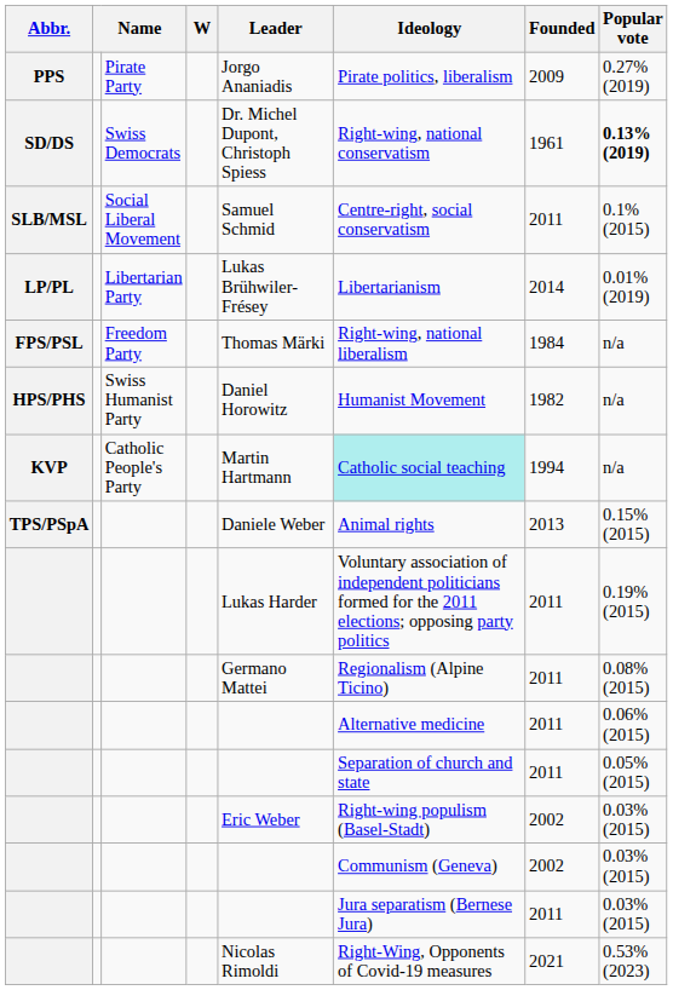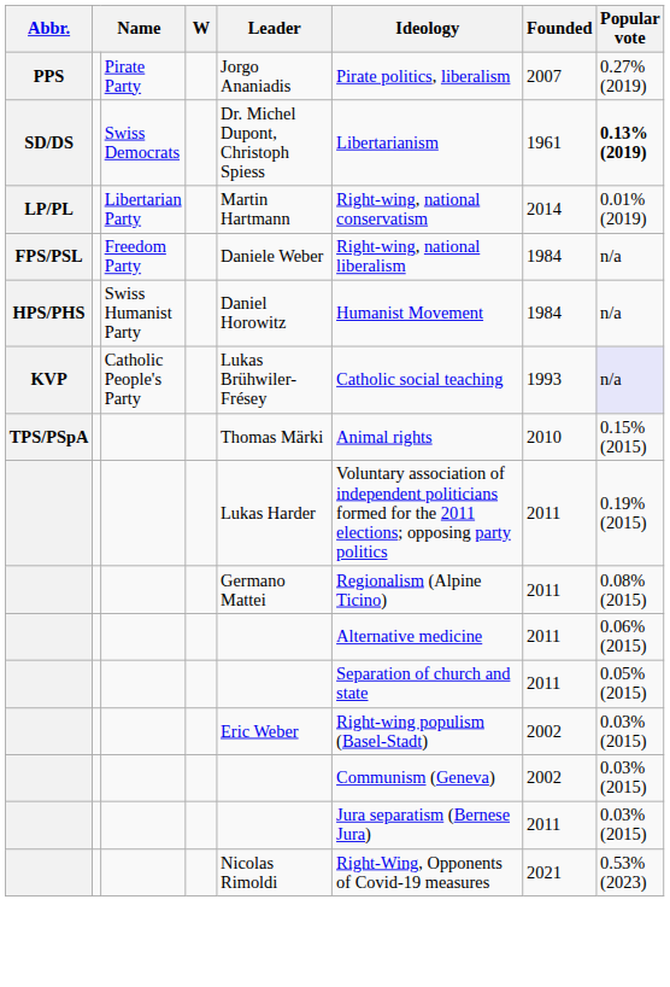 <table class="wikitable sortable">
 <tr>
 <th><a href='#'>Abbr.</a></th>
 <th colspan=2>Name</th>
 <th width=25px class="unsortable">W</th>
 <th width=120px>Leader</th>
 <th width=220px class="unsortable">Ideology</th>
 <th>Founded</th>
 <th>Popular vote</th>
 </tr>
 <tr ->
 <th>PPS</th>
 <td style="background-color: "></td>
 <td><a href='#'>Pirate Party</a></td>
 <td></td>
 <td>Jorgo Ananiadis</td>
 <td><a href='#'>Pirate politics</a>, <a href='#'>liberalism</a></td>
-<td>2009</td>
+<td>2007</td>
 <td>0.27% (2019)</td>
 </tr>
 <tr>
 <th>SD/DS</th>
 <td style="background-color: "></td>
 <td><a href='#'>Swiss Democrats</a></td>
 <td></td>
 <td>Dr. Michel Dupont, Christoph Spiess</td>
-<td><a href='#'>Right-wing</a>, <a href='#'>national conservatism</a></td>
+<td><a href='#'>Libertarianism</a></td>
 <td>1961</td>
 <td><strong>0.13% (2019)</strong></td>
-</tr>
-<tr>
-<th>SLB/MSL</th>
-<td style="background-color: "></td>
-<td><a href='#'>Social Liberal Movement</a></td>
-<td></td>
-<td>Samuel Schmid</td>
-<td><a href='#'>Centre-right</a>, <a href='#'>social conservatism</a></td>
-<td>2011</td>
-<td>0.1% (2015)</td>
 </tr>
 <tr>
 <th>LP/PL</th>
 <td style="background-color:"></td>
 <td><a href='#'>Libertarian Party</a></td>
 <td></td>
-<td>Lukas Brühwiler-Frésey</td>
-<td><a href='#'>Libertarianism</a></td>
+<td>Martin Hartmann</td>
+<td><a href='#'>Right-wing</a>, <a href='#'>national conservatism</a></td>
 <td>2014</td>
 <td>0.01% (2019)</td>
 </tr>
 <tr>
 <th>FPS/PSL</th>
 <td style="background-color: "></td>
 <td><a href='#'>Freedom Party</a></td>
 <td></td>
-<td>Thomas Märki</td>
+<td>Daniele Weber</td>
 <td><a href='#'>Right-wing</a>, <a href='#'>national liberalism</a></td>
 <td>1984</td>
 <td>n/a</td>
 </tr>
 <tr ->
 <th>HPS/PHS</th>
 <td></td>
 <td>Swiss Humanist Party</td>
 <td></td>
 <td>Daniel Horowitz</td>
 <td><a href='#'>Humanist Movement</a></td>
-<td>1982</td>
+<td>1984</td>
 <td>n/a</td>
 </tr>
 <tr ->
 <th>KVP</th>
 <td></td>
 <td>Catholic People's Party</td>
 <td></td>
-<td>Martin Hartmann</td>
-<td style="background: paleturquoise;"><a href='#'>Catholic social teaching</a></td>
-<td>1994</td>
-<td>n/a</td>
+<td>Lukas Brühwiler-Frésey</td>
+<td><a href='#'>Catholic social teaching</a></td>
+<td>1993</td>
+<td style="background: lavender;">n/a</td>
 </tr>
 <tr>
 <th>TPS/PSpA</th>
 <td></td>
 <td></td>
 <td></td>
-<td>Daniele Weber</td>
+<td>Thomas Märki</td>
 <td><a href='#'>Animal rights</a></td>
-<td>2013</td>
+<td>2010</td>
 <td>0.15% (2015)</td>
 </tr>
 <tr>
 <th></th>
 <td style="background-color: "></td>
 <td></td>
 <td></td>
 <td>Lukas Harder</td>
 <td>Voluntary association of <a href='#'>independent politicians</a> formed for the <a href='#'>2011 elections</a>; opposing <a href='#'>party politics</a></td>
 <td>2011</td>
 <td>0.19% (2015)</td>
 </tr>
 <tr>
 <th></th>
 <td></td>
 <td></td>
 <td></td>
 <td>Germano Mattei</td>
 <td><a href='#'>Regionalism</a> (Alpine <a href='#'>Ticino</a>)</td>
 <td>2011</td>
 <td>0.08% (2015)</td>
 </tr>
 <tr>
 <th></th>
 <td></td>
 <td></td>
 <td></td>
 <td></td>
 <td><a href='#'>Alternative medicine</a></td>
 <td>2011</td>
 <td>0.06% (2015)</td>
 </tr>
 <tr>
 <th></th>
 <td></td>
 <td></td>
 <td></td>
 <td></td>
 <td><a href='#'>Separation of church and state</a></td>
 <td>2011</td>
 <td>0.05% (2015)</td>
 </tr>
 <tr>
 <th></th>
 <td></td>
 <td><em></em></td>
 <td></td>
 <td><a href='#'>Eric Weber</a></td>
 <td><a href='#'>Right-wing populism</a> (<a href='#'>Basel-Stadt</a>)</td>
 <td>2002</td>
 <td>0.03% (2015)</td>
 </tr>
 <tr>
 <th></th>
 <td></td>
 <td><em></em></td>
 <td></td>
 <td></td>
 <td><a href='#'>Communism</a> (<a href='#'>Geneva</a>)</td>
 <td>2002</td>
 <td>0.03% (2015)</td>
 </tr>
 <tr>
 <th></th>
 <td></td>
 <td><em></em></td>
 <td></td>
 <td></td>
 <td><a href='#'>Jura separatism</a> (<a href='#'>Bernese Jura</a>)</td>
 <td>2011</td>
 <td>0.03% (2015)</td>
 </tr>
 <tr>
 <th></th>
 <td></td>
 <td><em></em></td>
 <td></td>
 <td>Nicolas Rimoldi</td>
 <td><a href='#'>Right-Wing</a>, Opponents of Covid-19 measures</td>
 <td>2021</td>
 <td>0.53% (2023)</td>
 </tr>
 </table>
